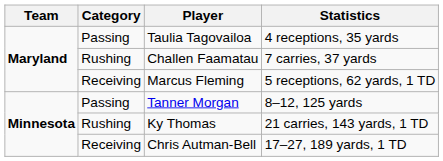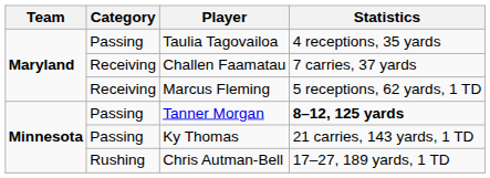 <table class="wikitable" style="float: right;">
 <tr>
 <th>Team</th>
 <th>Category</th>
 <th>Player</th>
 <th>Statistics</th>
 </tr>
 <tr>
 <td rowspan=3><strong>Maryland</strong></td>
 <td>Passing</td>
 <td>Taulia Tagovailoa</td>
 <td>4 receptions, 35 yards</td>
 </tr>
 <tr>
-<td>Rushing</td>
+<td>Receiving</td>
 <td>Challen Faamatau</td>
 <td>7 carries, 37 yards</td>
 </tr>
 <tr>
 <td>Receiving</td>
 <td>Marcus Fleming</td>
 <td>5 receptions, 62 yards, 1 TD</td>
 </tr>
 <tr>
 <td rowspan=3><strong>Minnesota</strong></td>
 <td>Passing</td>
 <td><a href='#'>Tanner Morgan</a></td>
-<td>8–12, 125 yards</td>
+<td><strong>8–12, 125 yards</strong></td>
 </tr>
 <tr>
-<td>Rushing</td>
+<td>Passing</td>
 <td>Ky Thomas</td>
 <td>21 carries, 143 yards, 1 TD</td>
 </tr>
 <tr>
-<td>Receiving</td>
+<td>Rushing</td>
 <td>Chris Autman-Bell</td>
 <td>17–27, 189 yards, 1 TD</td>
 </tr>
 </table>
